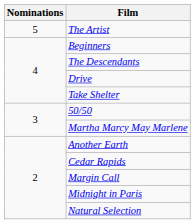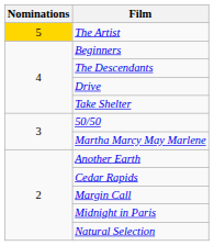 <table class="wikitable">
 <tr>
 <th>Nominations</th>
 <th>Film</th>
 </tr>
 <tr>
-<td style="text-align:center;">5</td>
+<td style="background: gold; text-align:center;">5</td>
 <td><em><a href='#'>The Artist</a></em></td>
 </tr>
 <tr>
 <td rowspan="4" style="text-align:center;">4</td>
 <td><em><a href='#'>Beginners</a></em></td>
 </tr>
 <tr>
 <td><em><a href='#'>The Descendants</a></em></td>
 </tr>
 <tr>
 <td><em><a href='#'>Drive</a></em></td>
 </tr>
 <tr>
 <td><em><a href='#'>Take Shelter</a></em></td>
 </tr>
 <tr>
 <td rowspan="2" style="text-align:center;">3</td>
 <td><em><a href='#'>50/50</a></em></td>
 </tr>
 <tr>
 <td><em><a href='#'>Martha Marcy May Marlene</a></em></td>
 </tr>
 <tr>
 <td rowspan="5" style="text-align:center;">2</td>
 <td><em><a href='#'>Another Earth</a></em></td>
 </tr>
 <tr>
 <td><em><a href='#'>Cedar Rapids</a></em></td>
 </tr>
 <tr>
 <td><em><a href='#'>Margin Call</a></em></td>
 </tr>
 <tr>
 <td><em><a href='#'>Midnight in Paris</a></em></td>
 </tr>
 <tr>
 <td><em><a href='#'>Natural Selection</a></em></td>
 </tr>
 </table>
